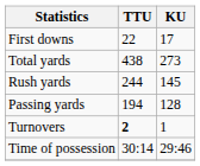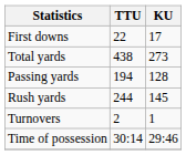 <table class="wikitable" style="float: left;">
 <tr>
 <th>Statistics</th>
 <th>TTU</th>
 <th>KU</th>
 </tr>
 <tr>
 <td>First downs</td>
 <td>22</td>
 <td>17</td>
 </tr>
 <tr>
 <td>Total yards</td>
 <td>438</td>
 <td>273</td>
 </tr>
 <tr>
+<td>Passing yards</td>
+<td>194</td>
+<td>128</td>
+</tr>
+<tr>
 <td>Rush yards</td>
 <td>244</td>
 <td>145</td>
 </tr>
 <tr>
-<td>Passing yards</td>
-<td>194</td>
-<td>128</td>
-</tr>
-<tr>
 <td>Turnovers</td>
-<td><strong>2</strong></td>
+<td>2</td>
 <td>1</td>
 </tr>
 <tr>
 <td>Time of possession</td>
 <td>30:14</td>
 <td>29:46</td>
 </tr>
 <tr>
 </tr>
 </table>
